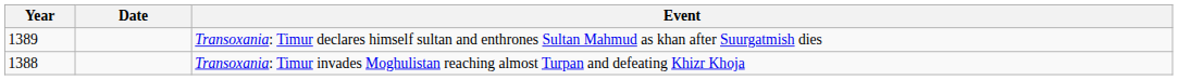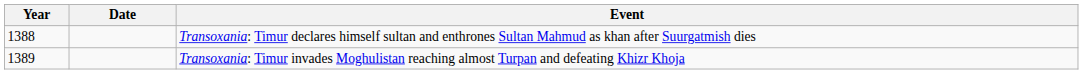 <table class="wikitable" width="100%">
 <tr>
 <th style="width:6%">Year</th>
 <th style="width:10%">Date</th>
 <th>Event</th>
 </tr>
 <tr>
-<td>1389</td>
+<td>1388</td>
 <td></td>
 <td><em><a href='#'>Transoxania</a></em>: <a href='#'>Timur</a> declares himself sultan and enthrones <a href='#'>Sultan Mahmud</a> as khan after <a href='#'>Suurgatmish</a> dies</td>
 </tr>
 <tr>
-<td>1388</td>
+<td>1389</td>
 <td></td>
 <td><em><a href='#'>Transoxania</a></em>: <a href='#'>Timur</a> invades <a href='#'>Moghulistan</a> reaching almost <a href='#'>Turpan</a> and defeating <a href='#'>Khizr Khoja</a></td>
 </tr>
 </table>
